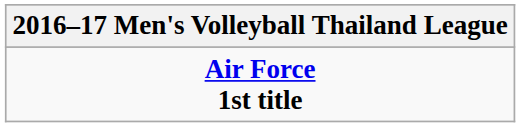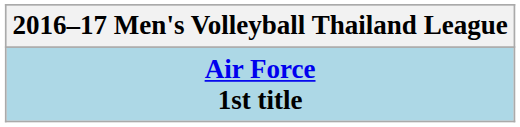 <table class=wikitable style="text-align:center; margin:auto">
 <tr>
 <th>2016–17 Men's Volleyball Thailand League</th>
 </tr>
 <tr>
-<td><strong><a href='#'>Air Force</a></strong><br><strong>1st title</strong></td>
+<td style="background: lightblue;"><strong><a href='#'>Air Force</a></strong><br><strong>1st title</strong></td>
 </tr>
 </table>
